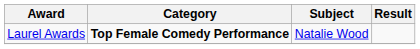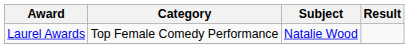 <table class="wikitable">
 <tr>
 <th>Award</th>
 <th>Category</th>
 <th>Subject</th>
 <th>Result</th>
 </tr>
 <tr>
 <td rowspan=1><a href='#'>Laurel Awards</a></td>
-<td><strong>Top Female Comedy Performance</strong></td>
+<td>Top Female Comedy Performance</td>
 <td><a href='#'>Natalie Wood</a></td>
 <td></td>
 </tr>
 <tr>
 </tr>
 </table>
